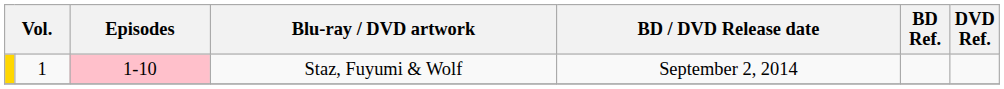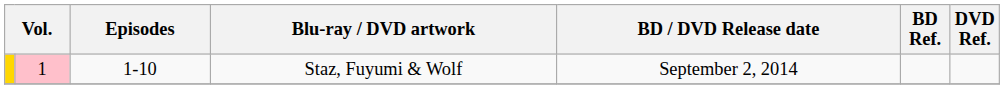 <table class="wikitable" style="text-align: center; width: 98%;">
 <tr>
 <th colspan="2">Vol.</th>
 <th>Episodes</th>
 <th>Blu-ray / DVD artwork</th>
 <th>BD / DVD Release date</th>
 <th width="5%">BD Ref.</th>
 <th width="5%">DVD Ref.</th>
 </tr>
 <tr>
 <td width="1%" style="background: Gold;"></td>
-<td>1</td>
-<td style="background: pink;">1-10</td>
+<td style="background: pink;">1</td>
+<td>1-10</td>
 <td>Staz, Fuyumi & Wolf</td>
 <td>September 2, 2014</td>
 <td></td>
 <td></td>
 </tr>
 <tr>
 </tr>
 </table>
